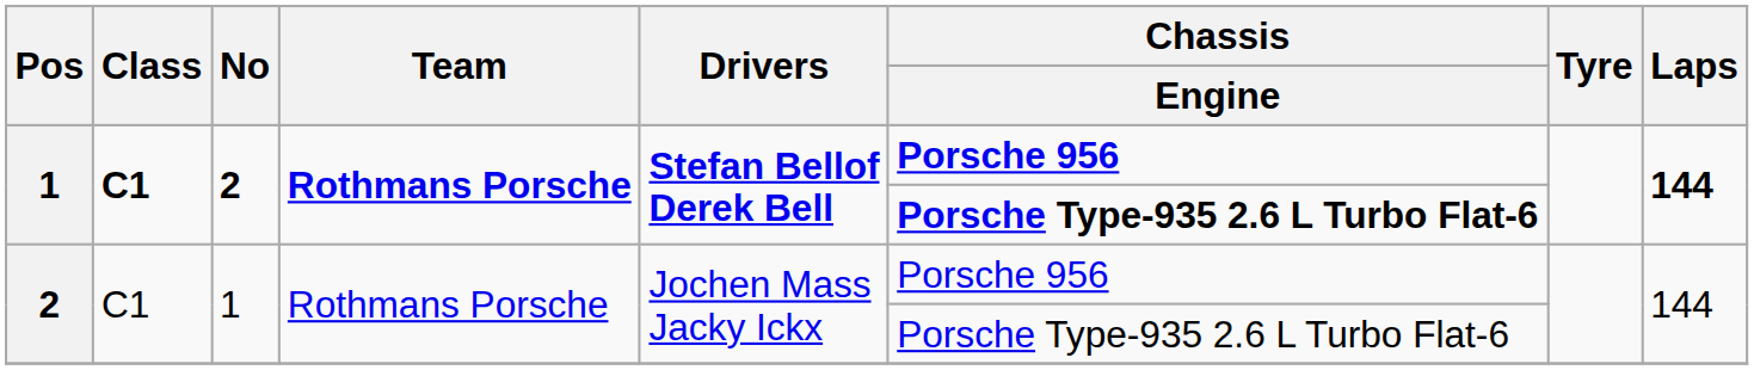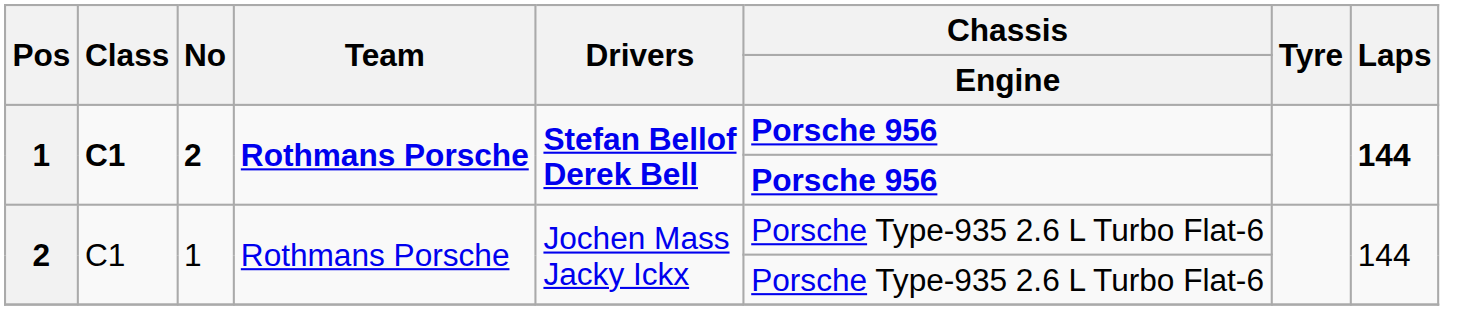 <table class="wikitable" style="font-size: 95%;">
 <tr>
 <th rowspan=2>Pos</th>
 <th rowspan=2>Class</th>
 <th rowspan=2>No</th>
 <th rowspan=2>Team</th>
 <th rowspan=2>Drivers</th>
 <th>Chassis</th>
 <th rowspan=2>Tyre</th>
 <th rowspan=2>Laps</th>
 </tr>
 <tr>
 <th>Engine</th>
 </tr>
 <tr style="font-weight:bold">
 <th rowspan=2>1</th>
 <td rowspan=2>C1</td>
 <td rowspan=2>2</td>
 <td rowspan=2> <a href='#'>Rothmans Porsche</a></td>
 <td rowspan=2> <a href='#'>Stefan Bellof</a><br> <a href='#'>Derek Bell</a></td>
 <td><a href='#'>Porsche 956</a></td>
 <td rowspan=2></td>
 <td rowspan=2>144</td>
 </tr>
 <tr style="font-weight:bold">
-<td><a href='#'>Porsche</a> Type-935 2.6 L Turbo Flat-6</td>
+<td><a href='#'>Porsche 956</a></td>
 </tr>
 <tr>
 <th rowspan=2>2</th>
 <td rowspan=2>C1</td>
 <td rowspan=2>1</td>
 <td rowspan=2> <a href='#'>Rothmans Porsche</a></td>
 <td rowspan=2> <a href='#'>Jochen Mass</a><br> <a href='#'>Jacky Ickx</a></td>
-<td><a href='#'>Porsche 956</a></td>
+<td><a href='#'>Porsche</a> Type-935 2.6 L Turbo Flat-6</td>
 <td rowspan=2></td>
 <td rowspan=2>144</td>
 </tr>
 <tr>
 <td><a href='#'>Porsche</a> Type-935 2.6 L Turbo Flat-6</td>
 </tr>
 <tr>
 </tr>
 </table>
